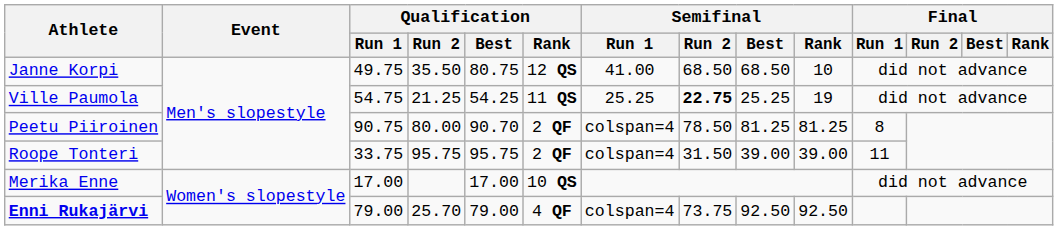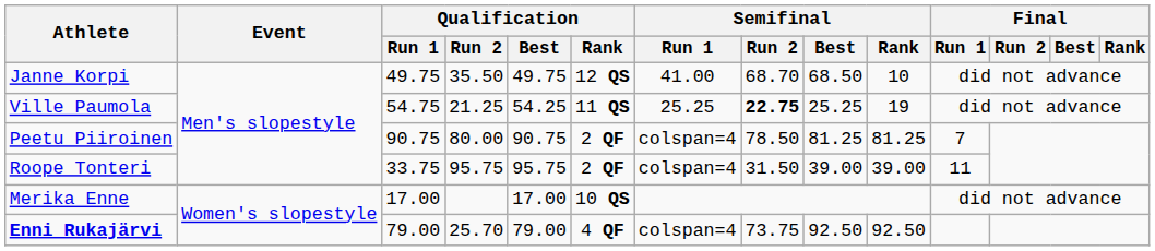 <table class="wikitable" style="font-size:90%">
 <tr>
 <th rowspan="2">Athlete</th>
 <th rowspan="2">Event</th>
 <th colspan="4">Qualification</th>
 <th colspan="4">Semifinal</th>
 <th colspan="4">Final</th>
 </tr>
 <tr style="font-size:95%">
 <th>Run 1</th>
 <th>Run 2</th>
 <th>Best</th>
 <th>Rank</th>
 <th>Run 1</th>
 <th>Run 2</th>
 <th>Best</th>
 <th>Rank</th>
 <th>Run 1</th>
 <th>Run 2</th>
 <th>Best</th>
 <th>Rank</th>
 </tr>
 <tr align=center>
 <td align=left><a href='#'>Janne Korpi</a></td>
 <td align=left rowspan=4><a href='#'>Men's slopestyle</a></td>
 <td>49.75</td>
 <td>35.50</td>
-<td>80.75</td>
+<td>49.75</td>
 <td>12 <strong>QS</strong></td>
 <td>41.00</td>
-<td>68.50</td>
+<td>68.70</td>
 <td>68.50</td>
 <td>10</td>
 <td colspan=4>did not advance</td>
 </tr>
 <tr align=center>
 <td align=left><a href='#'>Ville Paumola</a></td>
 <td>54.75</td>
 <td>21.25</td>
 <td>54.25</td>
 <td>11 <strong>QS</strong></td>
 <td>25.25</td>
 <td><strong>22.75</strong></td>
 <td>25.25</td>
 <td>19</td>
 <td colspan=4>did not advance</td>
 </tr>
 <tr align=center>
 <td align=left><a href='#'>Peetu Piiroinen</a></td>
 <td>90.75</td>
 <td>80.00</td>
-<td>90.70</td>
+<td>90.75</td>
 <td>2 <strong>QF</strong></td>
 <td>colspan=4 </td>
 <td>78.50</td>
 <td>81.25</td>
 <td>81.25</td>
-<td>8</td>
+<td>7</td>
 </tr>
 <tr align=center>
 <td align=left><a href='#'>Roope Tonteri</a></td>
 <td>33.75</td>
 <td>95.75</td>
 <td>95.75</td>
 <td>2 <strong>QF</strong></td>
 <td>colspan=4 </td>
 <td>31.50</td>
 <td>39.00</td>
 <td>39.00</td>
 <td>11</td>
 </tr>
 <tr align=center>
 <td align=left><a href='#'>Merika Enne</a></td>
 <td align=left rowspan=2><a href='#'>Women's slopestyle</a></td>
 <td>17.00</td>
 <td></td>
 <td>17.00</td>
 <td>10 <strong>QS</strong></td>
 <td colspan=4></td>
 <td colspan=4>did not advance</td>
 </tr>
 <tr align=center>
 <td align=left><strong><a href='#'>Enni Rukajärvi</a></strong></td>
 <td>79.00</td>
 <td>25.70</td>
 <td>79.00</td>
 <td>4 <strong>QF</strong></td>
 <td>colspan=4 </td>
 <td>73.75</td>
 <td>92.50</td>
 <td>92.50</td>
 <td></td>
 </tr>
 </table>
